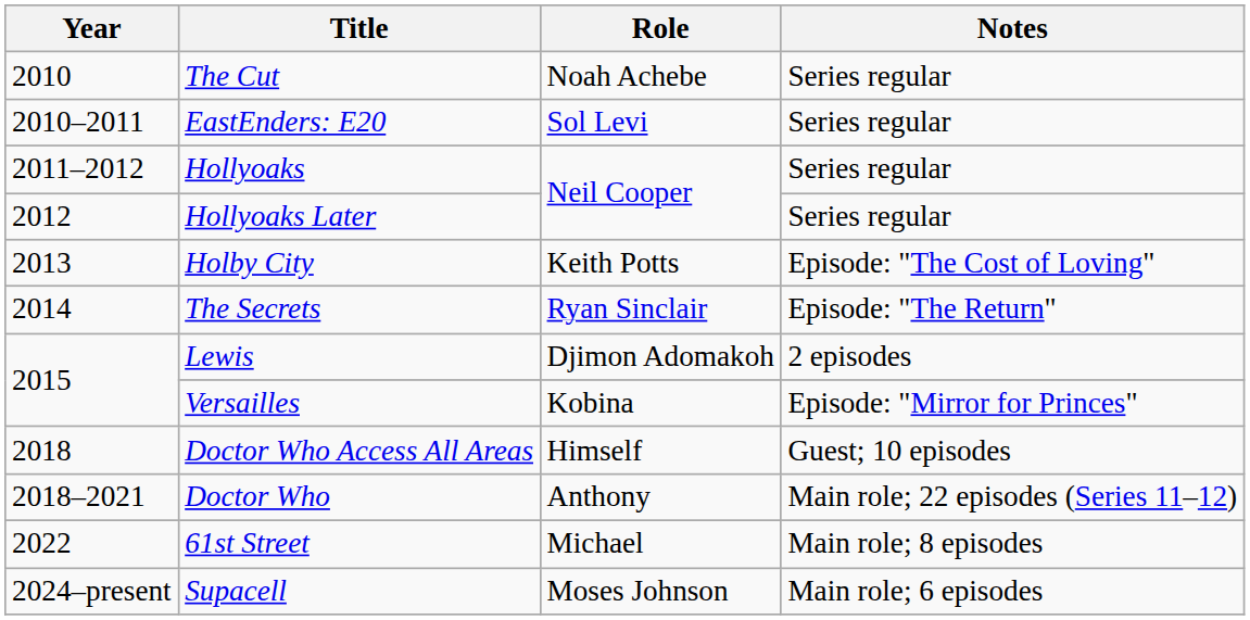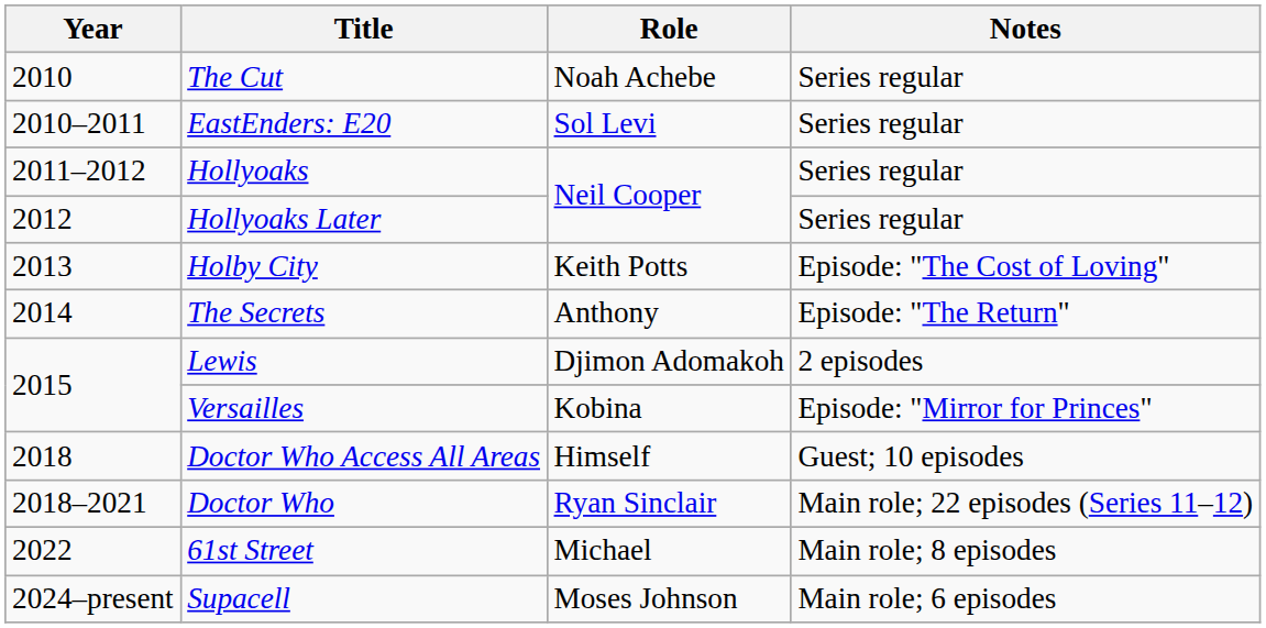 <table class="wikitable sortable">
 <tr>
 <th>Year</th>
 <th>Title</th>
 <th>Role</th>
 <th class="unsortable">Notes</th>
 </tr>
 <tr>
 <td>2010</td>
 <td><em><a href='#'>The Cut</a></em></td>
 <td>Noah Achebe</td>
 <td>Series regular</td>
 </tr>
 <tr>
 <td>2010–2011</td>
 <td><em><a href='#'>EastEnders: E20</a></em></td>
 <td><a href='#'>Sol Levi</a></td>
 <td>Series regular</td>
 </tr>
 <tr>
 <td>2011–2012</td>
 <td><em><a href='#'>Hollyoaks</a></em></td>
 <td rowspan=2><a href='#'>Neil Cooper</a></td>
 <td>Series regular</td>
 </tr>
 <tr>
 <td>2012</td>
 <td><em><a href='#'>Hollyoaks Later</a></em></td>
 <td>Series regular</td>
 </tr>
 <tr>
 <td>2013</td>
 <td><em><a href='#'>Holby City</a></em></td>
 <td>Keith Potts</td>
 <td>Episode: "<a href='#'>The Cost of Loving</a>"</td>
 </tr>
 <tr>
 <td>2014</td>
 <td><em><a href='#'>The Secrets</a></em></td>
-<td><a href='#'>Ryan Sinclair</a></td>
+<td>Anthony</td>
 <td>Episode: "<a href='#'>The Return</a>"</td>
 </tr>
 <tr>
 <td rowspan=2>2015</td>
 <td><em><a href='#'>Lewis</a></em></td>
 <td>Djimon Adomakoh</td>
 <td>2 episodes</td>
 </tr>
 <tr>
 <td><em><a href='#'>Versailles</a></em></td>
 <td>Kobina</td>
 <td>Episode: "<a href='#'>Mirror for Princes</a>"</td>
 </tr>
 <tr>
 <td>2018</td>
 <td><em><a href='#'>Doctor Who Access All Areas</a></em></td>
 <td>Himself</td>
 <td>Guest; 10 episodes</td>
 </tr>
 <tr>
 <td>2018–2021</td>
 <td><em><a href='#'>Doctor Who</a></em></td>
-<td>Anthony</td>
+<td><a href='#'>Ryan Sinclair</a></td>
 <td>Main role; 22 episodes (<a href='#'>Series 11</a>–<a href='#'>12</a>)</td>
 </tr>
 <tr>
 <td>2022</td>
 <td><em><a href='#'>61st Street</a></em></td>
 <td>Michael</td>
 <td>Main role; 8 episodes</td>
 </tr>
 <tr>
 <td>2024–present</td>
 <td><em><a href='#'>Supacell</a></em></td>
 <td>Moses Johnson</td>
 <td>Main role; 6 episodes</td>
 </tr>
 </table>
